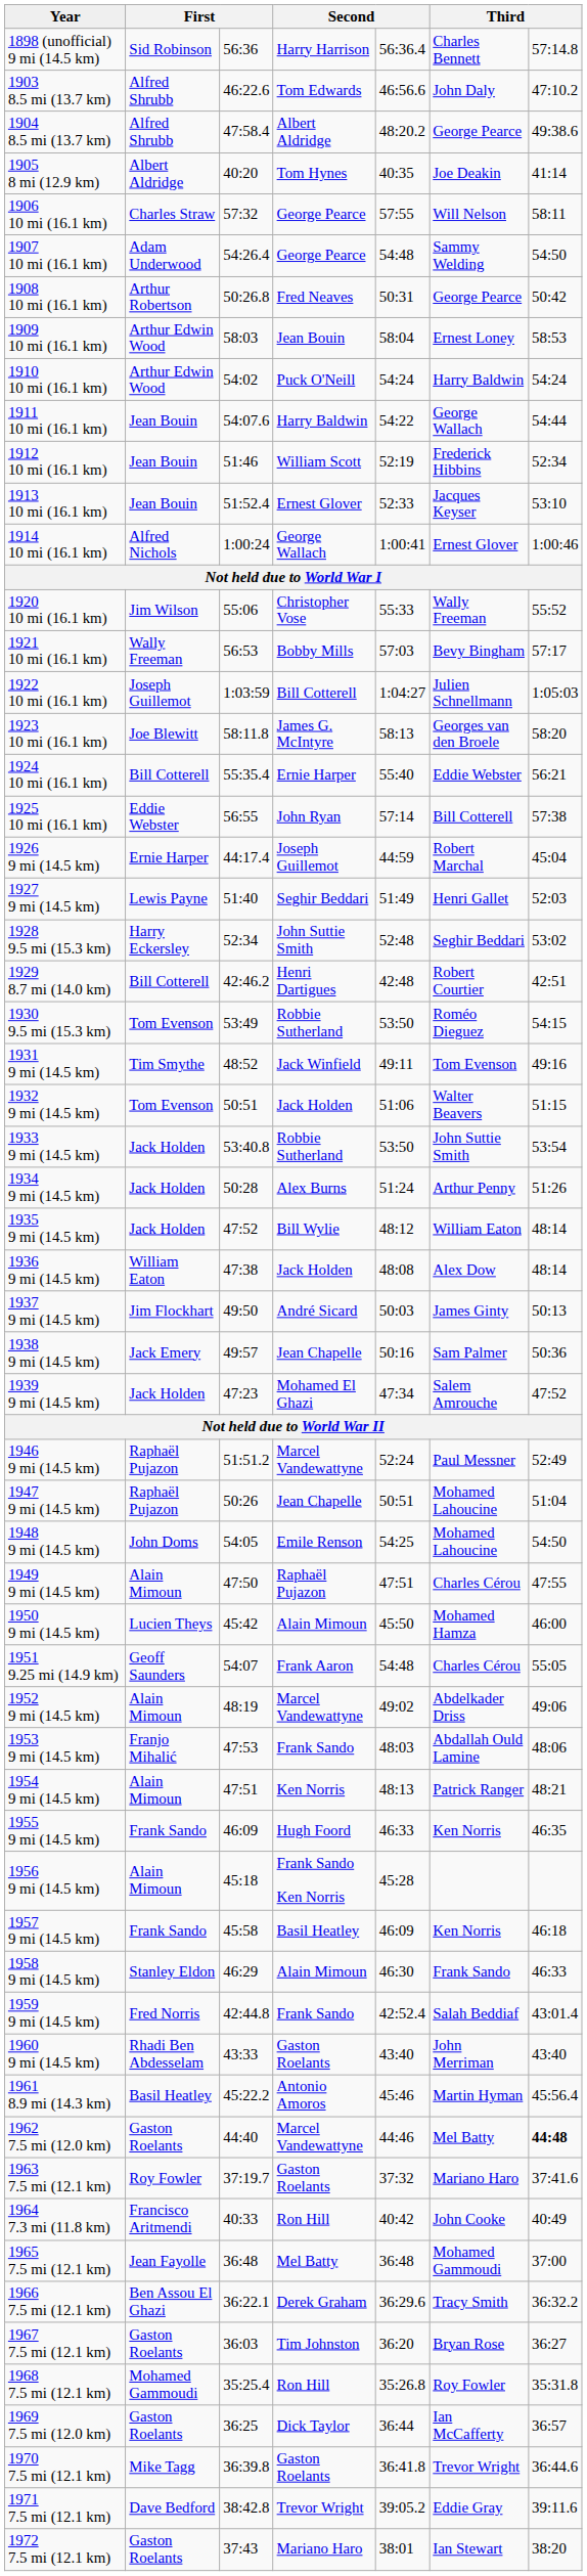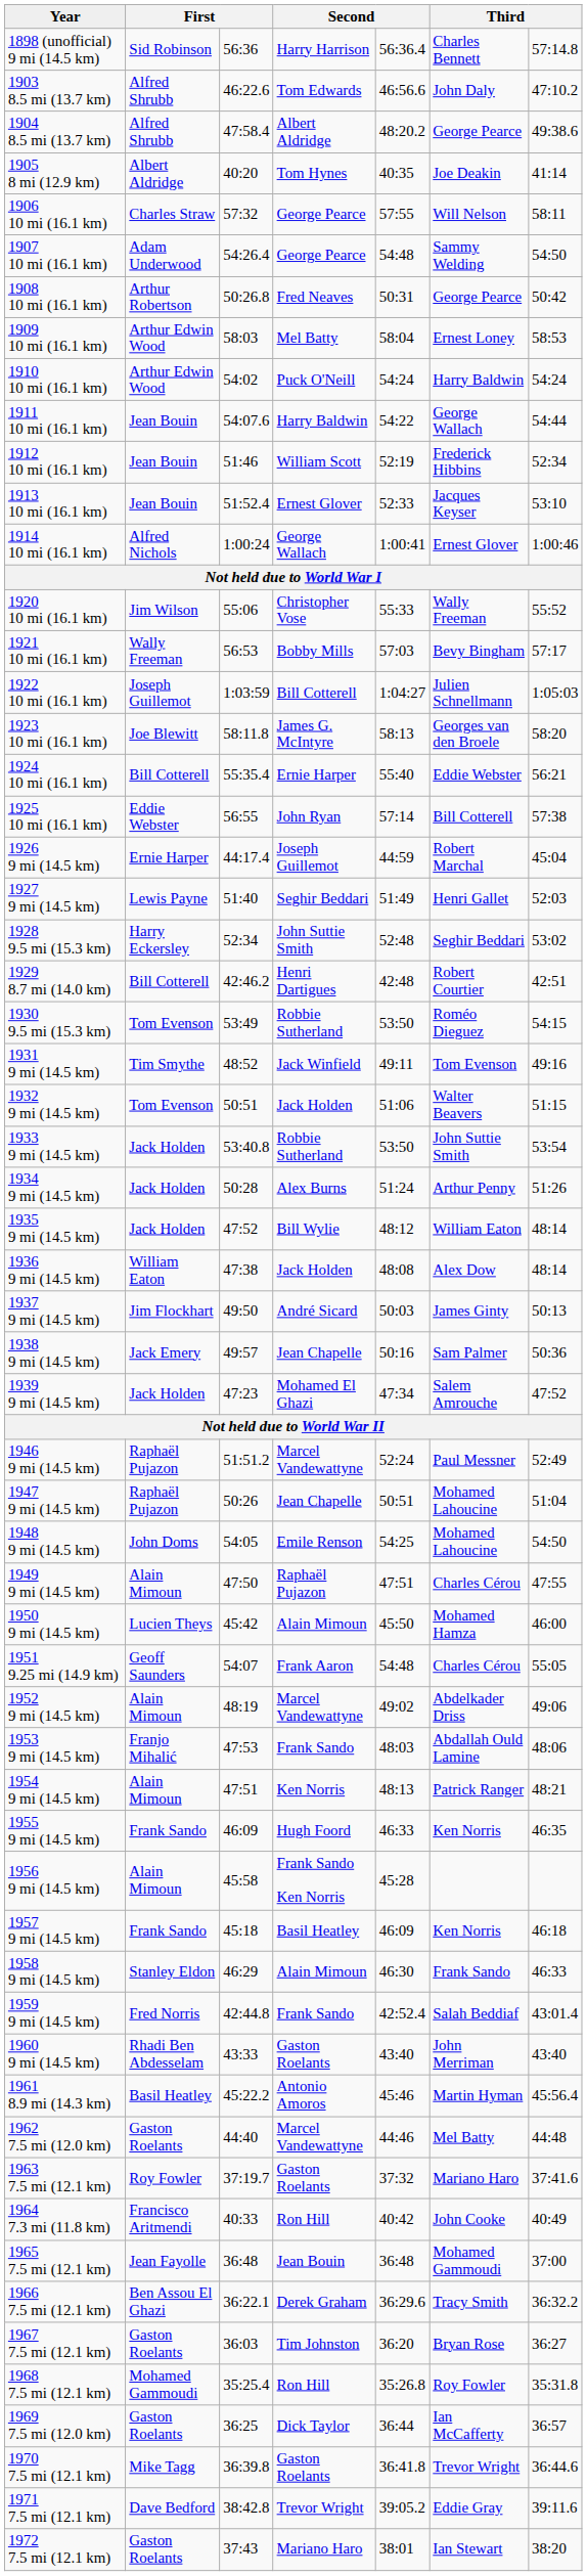 <table class="wikitable">
 <tr>
 <th scope=col style="width:120px; background: #efefef;">Year</th>
 <th scope=col colspan=2 style="width:200px;"> First</th>
 <th scope=col colspan=2 style="width:200px;"> Second</th>
 <th scope=col colspan=2 style="width:200px;"> Third</th>
 </tr>
 <tr>
 <td><a href='#'>1898</a> (unofficial)<br>9 mi (14.5 km)</td>
 <td><a href='#'>Sid Robinson</a><br></td>
 <td>56:36</td>
 <td><a href='#'>Harry Harrison</a><br></td>
 <td>56:36.4</td>
 <td><a href='#'>Charles Bennett</a><br></td>
 <td>57:14.8</td>
 </tr>
 <tr>
 <td><a href='#'>1903</a><br>8.5 mi (13.7 km)</td>
 <td><a href='#'>Alfred Shrubb</a><br></td>
 <td>46:22.6</td>
 <td><a href='#'>Tom Edwards</a><br></td>
 <td>46:56.6</td>
 <td><a href='#'>John Daly</a><br></td>
 <td>47:10.2</td>
 </tr>
 <tr>
 <td><a href='#'>1904</a><br>8.5 mi (13.7 km)</td>
 <td><a href='#'>Alfred Shrubb</a><br></td>
 <td>47:58.4</td>
 <td><a href='#'>Albert Aldridge</a><br></td>
 <td>48:20.2</td>
 <td><a href='#'>George Pearce</a><br></td>
 <td>49:38.6</td>
 </tr>
 <tr>
 <td><a href='#'>1905</a><br>8 mi (12.9 km)</td>
 <td><a href='#'>Albert Aldridge</a><br></td>
 <td>40:20</td>
 <td><a href='#'>Tom Hynes</a><br></td>
 <td>40:35</td>
 <td><a href='#'>Joe Deakin</a><br></td>
 <td>41:14</td>
 </tr>
 <tr>
 <td><a href='#'>1906</a><br>10 mi (16.1 km)</td>
 <td><a href='#'>Charles Straw</a><br></td>
 <td>57:32</td>
 <td><a href='#'>George Pearce</a><br></td>
 <td>57:55</td>
 <td><a href='#'>Will Nelson</a><br></td>
 <td>58:11</td>
 </tr>
 <tr>
 <td><a href='#'>1907</a><br>10 mi (16.1 km)</td>
 <td><a href='#'>Adam Underwood</a><br></td>
 <td>54:26.4</td>
 <td><a href='#'>George Pearce</a><br></td>
 <td>54:48</td>
 <td><a href='#'>Sammy Welding</a><br></td>
 <td>54:50</td>
 </tr>
 <tr>
 <td><a href='#'>1908</a><br>10 mi (16.1 km)</td>
 <td><a href='#'>Arthur Robertson</a><br></td>
 <td>50:26.8</td>
 <td><a href='#'>Fred Neaves</a><br></td>
 <td>50:31</td>
 <td><a href='#'>George Pearce</a><br></td>
 <td>50:42</td>
 </tr>
 <tr>
 <td><a href='#'>1909</a><br>10 mi (16.1 km)</td>
 <td><a href='#'>Arthur Edwin Wood</a><br></td>
 <td>58:03</td>
-<td><a href='#'>Jean Bouin</a><br></td>
+<td><a href='#'>Mel Batty</a><br></td>
 <td>58:04</td>
 <td><a href='#'>Ernest Loney</a><br></td>
 <td>58:53</td>
 </tr>
 <tr>
 <td><a href='#'>1910</a><br>10 mi (16.1 km)</td>
 <td><a href='#'>Arthur Edwin Wood</a><br></td>
 <td>54:02</td>
 <td><a href='#'>Puck O'Neill</a><br></td>
 <td>54:24</td>
 <td><a href='#'>Harry Baldwin</a><br></td>
 <td>54:24</td>
 </tr>
 <tr>
 <td><a href='#'>1911</a><br>10 mi (16.1 km)</td>
 <td><a href='#'>Jean Bouin</a><br></td>
 <td>54:07.6</td>
 <td><a href='#'>Harry Baldwin</a><br></td>
 <td>54:22</td>
 <td><a href='#'>George Wallach</a><br></td>
 <td>54:44</td>
 </tr>
 <tr>
 <td><a href='#'>1912</a><br>10 mi (16.1 km)</td>
 <td><a href='#'>Jean Bouin</a><br></td>
 <td>51:46</td>
 <td><a href='#'>William Scott</a><br></td>
 <td>52:19</td>
 <td><a href='#'>Frederick Hibbins</a><br></td>
 <td>52:34</td>
 </tr>
 <tr>
 <td><a href='#'>1913</a><br>10 mi (16.1 km)</td>
 <td><a href='#'>Jean Bouin</a><br></td>
 <td>51:52.4</td>
 <td><a href='#'>Ernest Glover</a><br></td>
 <td>52:33</td>
 <td><a href='#'>Jacques Keyser</a><br></td>
 <td>53:10</td>
 </tr>
 <tr>
 <td><a href='#'>1914</a><br>10 mi (16.1 km)</td>
 <td><a href='#'>Alfred Nichols</a><br></td>
 <td>1:00:24</td>
 <td><a href='#'>George Wallach</a><br></td>
 <td>1:00:41</td>
 <td><a href='#'>Ernest Glover</a><br></td>
 <td>1:00:46</td>
 </tr>
 <tr>
 <th colspan=7><em>Not held due to <a href='#'>World War I</a></em></th>
 </tr>
 <tr>
 <td><a href='#'>1920</a><br>10 mi (16.1 km)</td>
 <td><a href='#'>Jim Wilson</a><br></td>
 <td>55:06</td>
 <td><a href='#'>Christopher Vose</a><br></td>
 <td>55:33</td>
 <td><a href='#'>Wally Freeman</a><br></td>
 <td>55:52</td>
 </tr>
 <tr>
 <td><a href='#'>1921</a><br>10 mi (16.1 km)</td>
 <td><a href='#'>Wally Freeman</a><br></td>
 <td>56:53</td>
 <td><a href='#'>Bobby Mills</a><br></td>
 <td>57:03</td>
 <td><a href='#'>Bevy Bingham</a><br></td>
 <td>57:17</td>
 </tr>
 <tr>
 <td><a href='#'>1922</a><br>10 mi (16.1 km)</td>
 <td><a href='#'>Joseph Guillemot</a><br></td>
 <td>1:03:59</td>
 <td><a href='#'>Bill Cotterell</a><br></td>
 <td>1:04:27</td>
 <td><a href='#'>Julien Schnellmann</a><br></td>
 <td>1:05:03</td>
 </tr>
 <tr>
 <td><a href='#'>1923</a><br>10 mi (16.1 km)</td>
 <td><a href='#'>Joe Blewitt</a><br></td>
 <td>58:11.8</td>
 <td><a href='#'>James G. McIntyre</a><br></td>
 <td>58:13</td>
 <td><a href='#'>Georges van den Broele</a><br></td>
 <td>58:20</td>
 </tr>
 <tr>
 <td><a href='#'>1924</a><br>10 mi (16.1 km)</td>
 <td><a href='#'>Bill Cotterell</a><br></td>
 <td>55:35.4</td>
 <td><a href='#'>Ernie Harper</a><br></td>
 <td>55:40</td>
 <td><a href='#'>Eddie Webster</a><br></td>
 <td>56:21</td>
 </tr>
 <tr>
 <td><a href='#'>1925</a><br>10 mi (16.1 km)</td>
 <td><a href='#'>Eddie Webster</a><br></td>
 <td>56:55</td>
 <td><a href='#'>John Ryan</a><br></td>
 <td>57:14</td>
 <td><a href='#'>Bill Cotterell</a><br></td>
 <td>57:38</td>
 </tr>
 <tr>
 <td><a href='#'>1926</a><br>9 mi (14.5 km)</td>
 <td><a href='#'>Ernie Harper</a><br></td>
 <td>44:17.4</td>
 <td><a href='#'>Joseph Guillemot</a><br></td>
 <td>44:59</td>
 <td><a href='#'>Robert Marchal</a><br></td>
 <td>45:04</td>
 </tr>
 <tr>
 <td><a href='#'>1927</a><br>9 mi (14.5 km)</td>
 <td><a href='#'>Lewis Payne</a><br></td>
 <td>51:40</td>
 <td><a href='#'>Seghir Beddari</a><br></td>
 <td>51:49</td>
 <td><a href='#'>Henri Gallet</a><br></td>
 <td>52:03</td>
 </tr>
 <tr>
 <td><a href='#'>1928</a><br>9.5 mi (15.3 km)</td>
 <td><a href='#'>Harry Eckersley</a><br></td>
 <td>52:34</td>
 <td><a href='#'>John Suttie Smith</a><br></td>
 <td>52:48</td>
 <td><a href='#'>Seghir Beddari</a><br></td>
 <td>53:02</td>
 </tr>
 <tr>
 <td><a href='#'>1929</a><br>8.7 mi (14.0 km)</td>
 <td><a href='#'>Bill Cotterell</a><br></td>
 <td>42:46.2</td>
 <td><a href='#'>Henri Dartigues</a><br></td>
 <td>42:48</td>
 <td><a href='#'>Robert Courtier</a><br></td>
 <td>42:51</td>
 </tr>
 <tr>
 <td><a href='#'>1930</a><br>9.5 mi (15.3 km)</td>
 <td><a href='#'>Tom Evenson</a><br></td>
 <td>53:49</td>
 <td><a href='#'>Robbie Sutherland</a><br></td>
 <td>53:50</td>
 <td><a href='#'>Roméo Dieguez</a><br></td>
 <td>54:15</td>
 </tr>
 <tr>
 <td><a href='#'>1931</a><br>9 mi (14.5 km)</td>
 <td><a href='#'>Tim Smythe</a><br></td>
 <td>48:52</td>
 <td><a href='#'>Jack Winfield</a><br></td>
 <td>49:11</td>
 <td><a href='#'>Tom Evenson</a><br></td>
 <td>49:16</td>
 </tr>
 <tr>
 <td><a href='#'>1932</a><br>9 mi (14.5 km)</td>
 <td><a href='#'>Tom Evenson</a><br></td>
 <td>50:51</td>
 <td><a href='#'>Jack Holden</a><br></td>
 <td>51:06</td>
 <td><a href='#'>Walter Beavers</a><br></td>
 <td>51:15</td>
 </tr>
 <tr>
 <td><a href='#'>1933</a><br>9 mi (14.5 km)</td>
 <td><a href='#'>Jack Holden</a><br></td>
 <td>53:40.8</td>
 <td><a href='#'>Robbie Sutherland</a><br></td>
 <td>53:50</td>
 <td><a href='#'>John Suttie Smith</a><br></td>
 <td>53:54</td>
 </tr>
 <tr>
 <td><a href='#'>1934</a><br>9 mi (14.5 km)</td>
 <td><a href='#'>Jack Holden</a><br></td>
 <td>50:28</td>
 <td><a href='#'>Alex Burns</a><br></td>
 <td>51:24</td>
 <td><a href='#'>Arthur Penny</a><br></td>
 <td>51:26</td>
 </tr>
 <tr>
 <td><a href='#'>1935</a><br>9 mi (14.5 km)</td>
 <td><a href='#'>Jack Holden</a><br></td>
 <td>47:52</td>
 <td><a href='#'>Bill Wylie</a><br></td>
 <td>48:12</td>
 <td><a href='#'>William Eaton</a><br></td>
 <td>48:14</td>
 </tr>
 <tr>
 <td><a href='#'>1936</a><br>9 mi (14.5 km)</td>
 <td><a href='#'>William Eaton</a><br></td>
 <td>47:38</td>
 <td><a href='#'>Jack Holden</a><br></td>
 <td>48:08</td>
 <td><a href='#'>Alex Dow</a><br></td>
 <td>48:14</td>
 </tr>
 <tr>
 <td><a href='#'>1937</a><br>9 mi (14.5 km)</td>
 <td><a href='#'>Jim Flockhart</a><br></td>
 <td>49:50</td>
 <td><a href='#'>André Sicard</a><br></td>
 <td>50:03</td>
 <td><a href='#'>James Ginty</a><br></td>
 <td>50:13</td>
 </tr>
 <tr>
 <td><a href='#'>1938</a><br>9 mi (14.5 km)</td>
 <td><a href='#'>Jack Emery</a><br></td>
 <td>49:57</td>
 <td><a href='#'>Jean Chapelle</a><br></td>
 <td>50:16</td>
 <td><a href='#'>Sam Palmer</a><br></td>
 <td>50:36</td>
 </tr>
 <tr>
 <td><a href='#'>1939</a><br>9 mi (14.5 km)</td>
 <td><a href='#'>Jack Holden</a><br></td>
 <td>47:23</td>
 <td><a href='#'>Mohamed El Ghazi</a><br></td>
 <td>47:34</td>
 <td><a href='#'>Salem Amrouche</a><br></td>
 <td>47:52</td>
 </tr>
 <tr>
 <th colspan=7><em>Not held due to <a href='#'>World War II</a></em></th>
 </tr>
 <tr>
 <td><a href='#'>1946</a><br>9 mi (14.5 km)</td>
 <td><a href='#'>Raphaël Pujazon</a><br></td>
 <td>51:51.2</td>
 <td><a href='#'>Marcel Vandewattyne</a><br></td>
 <td>52:24</td>
 <td><a href='#'>Paul Messner</a><br></td>
 <td>52:49</td>
 </tr>
 <tr>
 <td><a href='#'>1947</a><br>9 mi (14.5 km)</td>
 <td><a href='#'>Raphaël Pujazon</a><br></td>
 <td>50:26</td>
 <td><a href='#'>Jean Chapelle</a><br></td>
 <td>50:51</td>
 <td><a href='#'>Mohamed Lahoucine</a><br></td>
 <td>51:04</td>
 </tr>
 <tr>
 <td><a href='#'>1948</a><br>9 mi (14.5 km)</td>
 <td><a href='#'>John Doms</a><br></td>
 <td>54:05</td>
 <td><a href='#'>Emile Renson</a><br></td>
 <td>54:25</td>
 <td><a href='#'>Mohamed Lahoucine</a><br></td>
 <td>54:50</td>
 </tr>
 <tr>
 <td><a href='#'>1949</a><br>9 mi (14.5 km)</td>
 <td><a href='#'>Alain Mimoun</a><br></td>
 <td>47:50</td>
 <td><a href='#'>Raphaël Pujazon</a><br></td>
 <td>47:51</td>
 <td><a href='#'>Charles Cérou</a><br></td>
 <td>47:55</td>
 </tr>
 <tr>
 <td><a href='#'>1950</a><br>9 mi (14.5 km)</td>
 <td><a href='#'>Lucien Theys</a><br></td>
 <td>45:42</td>
 <td><a href='#'>Alain Mimoun</a><br></td>
 <td>45:50</td>
 <td><a href='#'>Mohamed Hamza</a><br></td>
 <td>46:00</td>
 </tr>
 <tr>
 <td><a href='#'>1951</a><br>9.25 mi (14.9 km)</td>
 <td><a href='#'>Geoff Saunders</a><br></td>
 <td>54:07</td>
 <td><a href='#'>Frank Aaron</a><br></td>
 <td>54:48</td>
 <td><a href='#'>Charles Cérou</a><br></td>
 <td>55:05</td>
 </tr>
 <tr>
 <td><a href='#'>1952</a><br>9 mi (14.5 km)</td>
 <td><a href='#'>Alain Mimoun</a><br></td>
 <td>48:19</td>
 <td><a href='#'>Marcel Vandewattyne</a><br></td>
 <td>49:02</td>
 <td><a href='#'>Abdelkader Driss</a><br></td>
 <td>49:06</td>
 </tr>
 <tr>
 <td><a href='#'>1953</a><br>9 mi (14.5 km)</td>
 <td><a href='#'>Franjo Mihalić</a><br></td>
 <td>47:53</td>
 <td><a href='#'>Frank Sando</a><br></td>
 <td>48:03</td>
 <td><a href='#'>Abdallah Ould Lamine</a><br></td>
 <td>48:06</td>
 </tr>
 <tr>
 <td><a href='#'>1954</a><br>9 mi (14.5 km)</td>
 <td><a href='#'>Alain Mimoun</a><br></td>
 <td>47:51</td>
 <td><a href='#'>Ken Norris</a><br></td>
 <td>48:13</td>
 <td><a href='#'>Patrick Ranger</a><br></td>
 <td>48:21</td>
 </tr>
 <tr>
 <td><a href='#'>1955</a><br>9 mi (14.5 km)</td>
 <td><a href='#'>Frank Sando</a><br></td>
 <td>46:09</td>
 <td><a href='#'>Hugh Foord</a><br></td>
 <td>46:33</td>
 <td><a href='#'>Ken Norris</a><br></td>
 <td>46:35</td>
 </tr>
 <tr>
 <td><a href='#'>1956</a><br>9 mi (14.5 km)</td>
 <td><a href='#'>Alain Mimoun</a><br></td>
-<td>45:18</td>
+<td>45:58</td>
 <td><a href='#'>Frank Sando</a><br> <br><a href='#'>Ken Norris</a><br></td>
 <td>45:28</td>
 <td></td>
 <td></td>
 </tr>
 <tr>
 <td><a href='#'>1957</a><br>9 mi (14.5 km)</td>
 <td><a href='#'>Frank Sando</a><br></td>
-<td>45:58</td>
+<td>45:18</td>
 <td><a href='#'>Basil Heatley</a><br></td>
 <td>46:09</td>
 <td><a href='#'>Ken Norris</a><br></td>
 <td>46:18</td>
 </tr>
 <tr>
 <td><a href='#'>1958</a><br>9 mi (14.5 km)</td>
 <td><a href='#'>Stanley Eldon</a><br></td>
 <td>46:29</td>
 <td><a href='#'>Alain Mimoun</a><br></td>
 <td>46:30</td>
 <td><a href='#'>Frank Sando</a><br></td>
 <td>46:33</td>
 </tr>
 <tr>
 <td><a href='#'>1959</a><br>9 mi (14.5 km)</td>
 <td><a href='#'>Fred Norris</a><br></td>
 <td>42:44.8</td>
 <td><a href='#'>Frank Sando</a><br></td>
 <td>42:52.4</td>
 <td><a href='#'>Salah Beddiaf</a><br></td>
 <td>43:01.4</td>
 </tr>
 <tr>
 <td><a href='#'>1960</a><br>9 mi (14.5 km)</td>
 <td><a href='#'>Rhadi Ben Abdesselam</a><br></td>
 <td>43:33</td>
 <td><a href='#'>Gaston Roelants</a><br></td>
 <td>43:40</td>
 <td><a href='#'>John Merriman</a><br></td>
 <td>43:40</td>
 </tr>
 <tr>
 <td><a href='#'>1961</a><br>8.9 mi (14.3 km)</td>
 <td><a href='#'>Basil Heatley</a><br></td>
 <td>45:22.2</td>
 <td><a href='#'>Antonio Amoros</a><br></td>
 <td>45:46</td>
 <td><a href='#'>Martin Hyman</a><br></td>
 <td>45:56.4</td>
 </tr>
 <tr>
 <td><a href='#'>1962</a><br>7.5 mi (12.0 km)</td>
 <td><a href='#'>Gaston Roelants</a><br></td>
 <td>44:40</td>
 <td><a href='#'>Marcel Vandewattyne</a><br></td>
 <td>44:46</td>
 <td><a href='#'>Mel Batty</a><br></td>
-<td><strong>44:48</strong></td>
+<td>44:48</td>
 </tr>
 <tr>
 <td><a href='#'>1963</a><br>7.5 mi (12.1 km)</td>
 <td><a href='#'>Roy Fowler</a><br></td>
 <td>37:19.7</td>
 <td><a href='#'>Gaston Roelants</a><br></td>
 <td>37:32</td>
 <td><a href='#'>Mariano Haro</a><br></td>
 <td>37:41.6</td>
 </tr>
 <tr>
 <td><a href='#'>1964</a><br>7.3 mi (11.8 km)</td>
 <td><a href='#'>Francisco Aritmendi</a><br></td>
 <td>40:33</td>
 <td><a href='#'>Ron Hill</a><br></td>
 <td>40:42</td>
 <td><a href='#'>John Cooke</a><br></td>
 <td>40:49</td>
 </tr>
 <tr>
 <td><a href='#'>1965</a><br>7.5 mi (12.1 km)</td>
 <td><a href='#'>Jean Fayolle</a><br></td>
 <td>36:48</td>
-<td><a href='#'>Mel Batty</a><br></td>
+<td><a href='#'>Jean Bouin</a><br></td>
 <td>36:48</td>
 <td><a href='#'>Mohamed Gammoudi</a><br></td>
 <td>37:00</td>
 </tr>
 <tr>
 <td><a href='#'>1966</a><br>7.5 mi (12.1 km)</td>
 <td><a href='#'>Ben Assou El Ghazi</a><br></td>
 <td>36:22.1</td>
 <td><a href='#'>Derek Graham</a><br></td>
 <td>36:29.6</td>
 <td><a href='#'>Tracy Smith</a><br></td>
 <td>36:32.2</td>
 </tr>
 <tr>
 <td><a href='#'>1967</a><br>7.5 mi (12.1 km)</td>
 <td><a href='#'>Gaston Roelants</a><br></td>
 <td>36:03</td>
 <td><a href='#'>Tim Johnston</a><br></td>
 <td>36:20</td>
 <td><a href='#'>Bryan Rose</a><br></td>
 <td>36:27</td>
 </tr>
 <tr>
 <td><a href='#'>1968</a><br>7.5 mi (12.1 km)</td>
 <td><a href='#'>Mohamed Gammoudi</a><br></td>
 <td>35:25.4</td>
 <td><a href='#'>Ron Hill</a><br></td>
 <td>35:26.8</td>
 <td><a href='#'>Roy Fowler</a><br></td>
 <td>35:31.8</td>
 </tr>
 <tr>
 <td><a href='#'>1969</a><br>7.5 mi (12.0 km)</td>
 <td><a href='#'>Gaston Roelants</a><br></td>
 <td>36:25</td>
 <td><a href='#'>Dick Taylor</a><br></td>
 <td>36:44</td>
 <td><a href='#'>Ian McCafferty</a><br></td>
 <td>36:57</td>
 </tr>
 <tr>
 <td><a href='#'>1970</a><br>7.5 mi (12.1 km)</td>
 <td><a href='#'>Mike Tagg</a><br></td>
 <td>36:39.8</td>
 <td><a href='#'>Gaston Roelants</a><br></td>
 <td>36:41.8</td>
 <td><a href='#'>Trevor Wright</a><br></td>
 <td>36:44.6</td>
 </tr>
 <tr>
 <td><a href='#'>1971</a><br>7.5 mi (12.1 km)</td>
 <td><a href='#'>Dave Bedford</a><br></td>
 <td>38:42.8</td>
 <td><a href='#'>Trevor Wright</a><br></td>
 <td>39:05.2</td>
 <td><a href='#'>Eddie Gray</a><br></td>
 <td>39:11.6</td>
 </tr>
 <tr>
 <td><a href='#'>1972</a><br>7.5 mi (12.1 km)</td>
 <td><a href='#'>Gaston Roelants</a><br></td>
 <td>37:43</td>
 <td><a href='#'>Mariano Haro</a><br></td>
 <td>38:01</td>
 <td><a href='#'>Ian Stewart</a><br></td>
 <td>38:20</td>
 </tr>
 </table>
